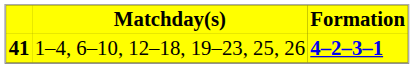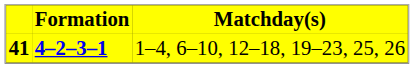 <table class="toccolours" border="0" cellpadding="2" cellspacing="0" align="center" style="margin: 0.5em 0 1em 1em; background: #000000; border: 1px #aaaaaa solid;">
 <tr style="background:#ff0;">
 <th></th>
+<th>Formation</th>
 <th>Matchday(s)</th>
-<th>Formation</th>
 </tr>
 <tr style="background:#ff0;">
 <td><strong>41</strong></td>
+<td><a href='#'><span><strong>4–2–3–1</strong></span></a></td>
 <td>1–4, 6–10, 12–18, 19–23, 25, 26</td>
-<td><a href='#'><span><strong>4–2–3–1</strong></span></a></td>
 </tr>
 </table>
